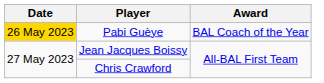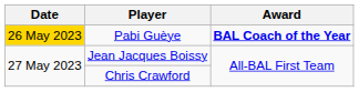 <table class="wikitable" style="text-align: center">
 <tr>
 <th>Date</th>
 <th>Player</th>
 <th>Award</th>
 </tr>
 <tr>
 <td style="background: gold;">26 May 2023</td>
 <td><a href='#'>Pabi Guèye</a></td>
-<td><a href='#'>BAL Coach of the Year</a></td>
+<td><strong><a href='#'>BAL Coach of the Year</a></strong></td>
 </tr>
 <tr style="text-align: center">
 <td rowspan="2">27 May 2023</td>
 <td><a href='#'>Jean Jacques Boissy</a></td>
 <td rowspan="2"><a href='#'>All-BAL First Team</a></td>
 </tr>
 <tr>
 <td><a href='#'>Chris Crawford</a></td>
 </tr>
 </table>
